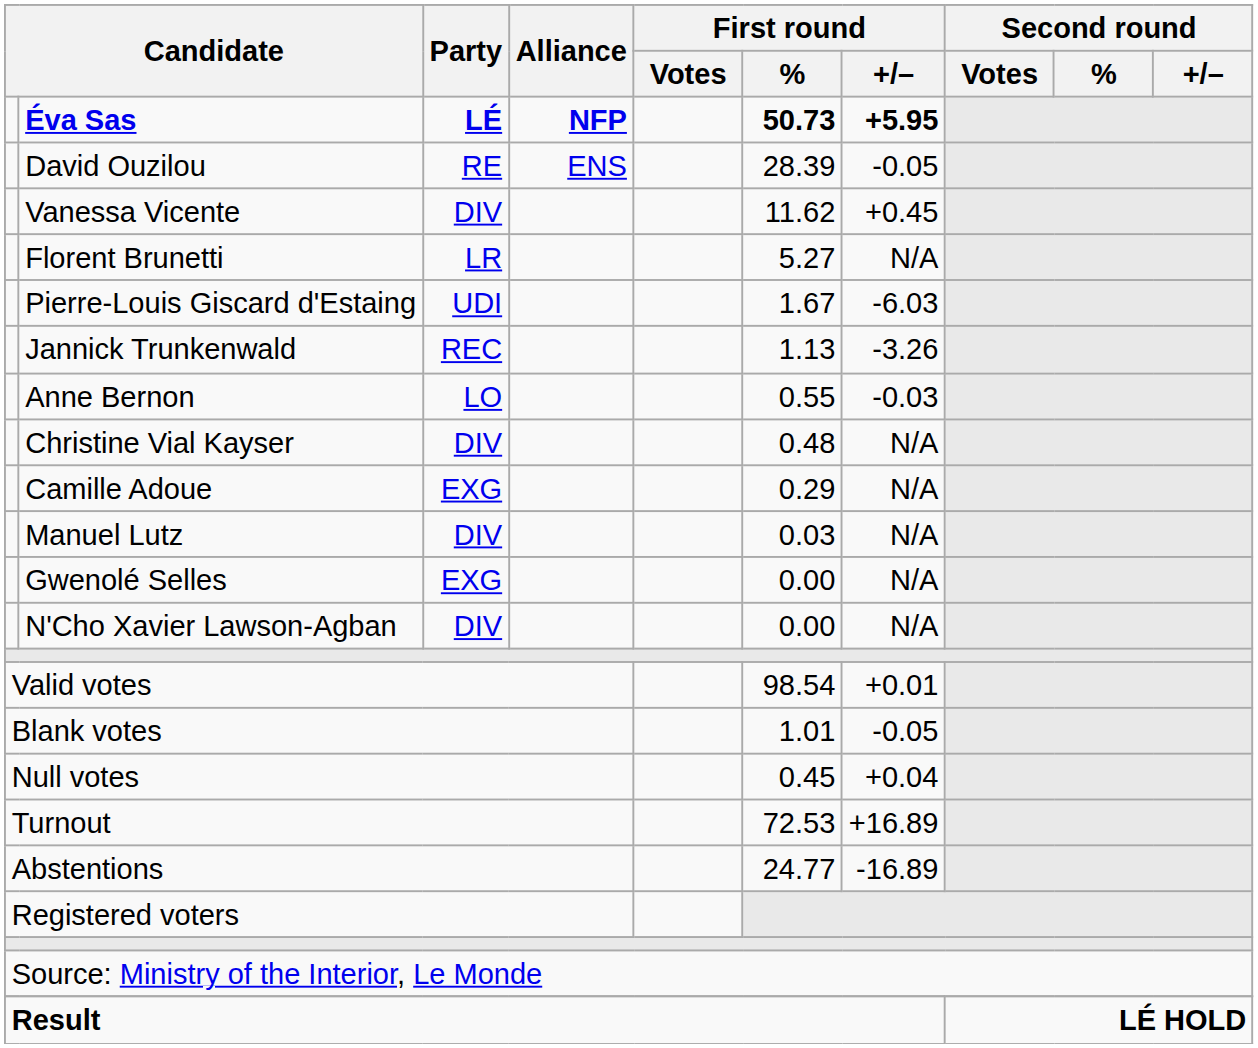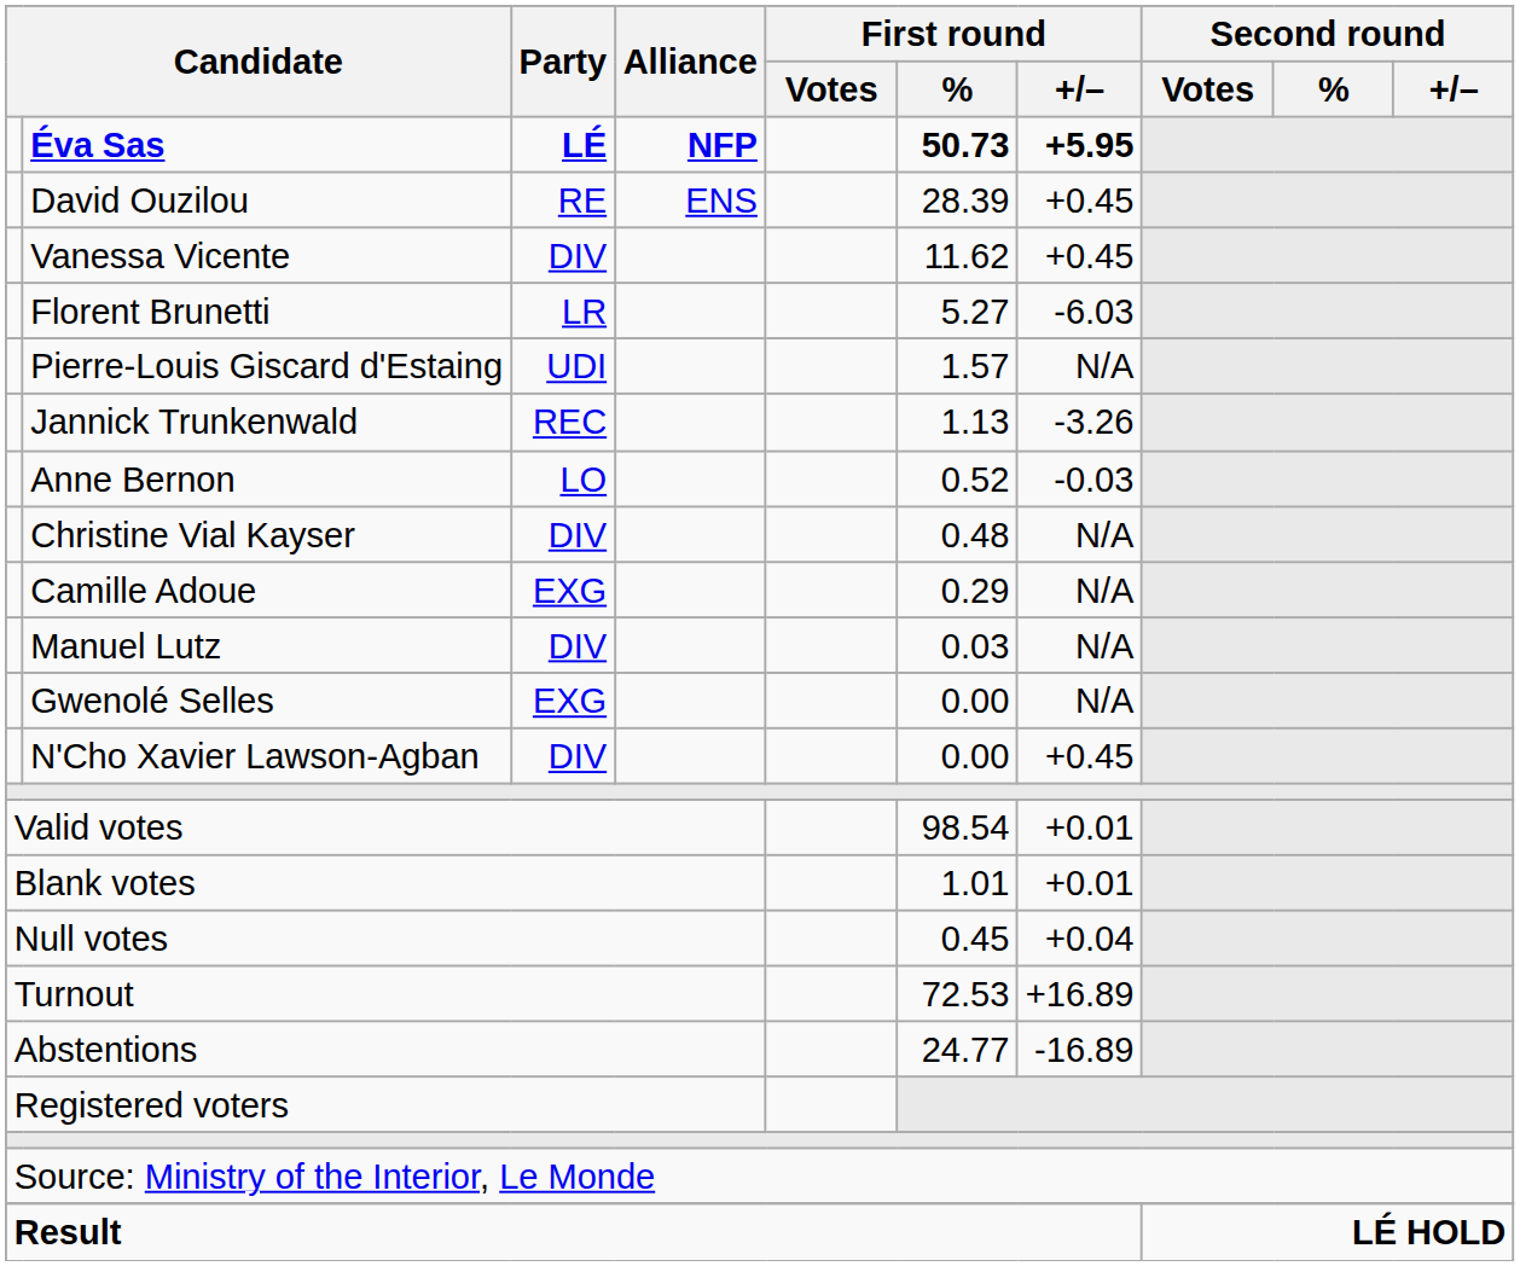 <table class="wikitable" style="text-align:right;font-size:95%;">
 <tr>
 <th rowspan="2" colspan="2">Candidate</th>
 <th rowspan="2">Party</th>
 <th rowspan="2">Alliance</th>
 <th colspan="3">First round</th>
 <th colspan="3">Second round</th>
 </tr>
 <tr>
 <th style="width:50px;">Votes</th>
 <th style="width:45px;">%</th>
 <th style="width:45px;">+/–</th>
 <th style="width:50px;">Votes</th>
 <th style="width:45px;">%</th>
 <th style="width:45px;">+/–</th>
 </tr>
 <tr>
 <td style="color:inherit;background:"></td>
 <td style="text-align:left;"><strong><a href='#'>Éva Sas</a></strong></td>
 <td><a href='#'><strong>LÉ</strong></a></td>
 <td><a href='#'><strong>NFP</strong></a></td>
 <td><strong></strong></td>
 <td><strong>50.73</strong></td>
 <td><strong>+5.95</strong></td>
 <td colspan="3" style="background:#E9E9E9;"></td>
 </tr>
 <tr>
 <td style="color:inherit;background:"></td>
 <td style="text-align:left;">David Ouzilou</td>
 <td><a href='#'>RE</a></td>
 <td><a href='#'>ENS</a></td>
 <td></td>
 <td>28.39</td>
-<td>-0.05</td>
+<td>+0.45</td>
 <td colspan="3" style="background:#E9E9E9;"></td>
 </tr>
 <tr>
 <td style="color:inherit;background:"></td>
 <td style="text-align:left;">Vanessa Vicente</td>
 <td><a href='#'>DIV</a></td>
 <td></td>
 <td></td>
 <td>11.62</td>
 <td>+0.45</td>
 <td colspan="3" style="background:#E9E9E9;"></td>
 </tr>
 <tr>
 <td style="color:inherit;background:"></td>
 <td style="text-align:left;">Florent Brunetti</td>
 <td><a href='#'>LR</a></td>
 <td></td>
 <td></td>
 <td>5.27</td>
-<td>N/A</td>
+<td>-6.03</td>
 <td colspan="3" style="background:#E9E9E9;"></td>
 </tr>
 <tr>
 <td style="color:inherit;background:"></td>
 <td style="text-align:left;">Pierre-Louis Giscard d'Estaing</td>
 <td><a href='#'>UDI</a></td>
 <td></td>
 <td></td>
-<td>1.67</td>
-<td>-6.03</td>
+<td>1.57</td>
+<td>N/A</td>
 <td colspan="3" style="background:#E9E9E9;"></td>
 </tr>
 <tr>
 <td style="color:inherit;background:"></td>
 <td style="text-align:left;">Jannick Trunkenwald</td>
 <td><a href='#'>REC</a></td>
 <td></td>
 <td></td>
 <td>1.13</td>
 <td>-3.26</td>
 <td colspan="3" style="background:#E9E9E9;"></td>
 </tr>
 <tr>
 <td style="color:inherit;background:"></td>
 <td style="text-align:left;">Anne Bernon</td>
 <td><a href='#'>LO</a></td>
 <td></td>
 <td></td>
-<td>0.55</td>
+<td>0.52</td>
 <td>-0.03</td>
 <td colspan="3" style="background:#E9E9E9;"></td>
 </tr>
 <tr>
 <td style="color:inherit;background:"></td>
 <td style="text-align:left;">Christine Vial Kayser</td>
 <td><a href='#'>DIV</a></td>
 <td></td>
 <td></td>
 <td>0.48</td>
 <td>N/A</td>
 <td colspan="3" style="background:#E9E9E9;"></td>
 </tr>
 <tr>
 <td style="color:inherit;background:"></td>
 <td style="text-align:left;">Camille Adoue</td>
 <td><a href='#'>EXG</a></td>
 <td></td>
 <td></td>
 <td>0.29</td>
 <td>N/A</td>
 <td colspan="3" style="background:#E9E9E9;"></td>
 </tr>
 <tr>
 <td style="color:inherit;background:"></td>
 <td style="text-align:left;">Manuel Lutz</td>
 <td><a href='#'>DIV</a></td>
 <td></td>
 <td></td>
 <td>0.03</td>
 <td>N/A</td>
 <td colspan="3" style="background:#E9E9E9;"></td>
 </tr>
 <tr>
 <td style="color:inherit;background:"></td>
 <td style="text-align:left;">Gwenolé Selles</td>
 <td><a href='#'>EXG</a></td>
 <td></td>
 <td></td>
 <td>0.00</td>
 <td>N/A</td>
 <td colspan="3" style="background:#E9E9E9;"></td>
 </tr>
 <tr>
 <td style="color:inherit;background:"></td>
 <td style="text-align:left;">N'Cho Xavier Lawson-Agban</td>
 <td><a href='#'>DIV</a></td>
 <td></td>
 <td></td>
 <td>0.00</td>
-<td>N/A</td>
+<td>+0.45</td>
 <td colspan="3" style="background:#E9E9E9;"></td>
 </tr>
 <tr>
 <td colspan="10" style="background:#E9E9E9;"></td>
 </tr>
 <tr>
 <td colspan="4" style="text-align:left;">Valid votes</td>
 <td></td>
 <td>98.54</td>
 <td>+0.01</td>
 <td colspan="3" style="background:#E9E9E9;"></td>
 </tr>
 <tr>
 <td colspan="4" style="text-align:left;">Blank votes</td>
 <td></td>
 <td>1.01</td>
-<td>-0.05</td>
+<td>+0.01</td>
 <td colspan="3" style="background:#E9E9E9;"></td>
 </tr>
 <tr>
 <td colspan="4" style="text-align:left;">Null votes</td>
 <td></td>
 <td>0.45</td>
 <td>+0.04</td>
 <td colspan="3" style="background:#E9E9E9;"></td>
 </tr>
 <tr>
 <td colspan="4" style="text-align:left;">Turnout</td>
 <td></td>
 <td>72.53</td>
 <td>+16.89</td>
 <td colspan="3" style="background:#E9E9E9;"></td>
 </tr>
 <tr>
 <td colspan="4" style="text-align:left;">Abstentions</td>
 <td></td>
 <td>24.77</td>
 <td>-16.89</td>
 <td colspan="3" style="background:#E9E9E9;"></td>
 </tr>
 <tr>
 <td colspan="4" style="text-align:left;">Registered voters</td>
 <td></td>
 <td colspan="5" style="background:#E9E9E9;"></td>
 </tr>
 <tr>
 <td colspan="10" style="background:#E9E9E9;"></td>
 </tr>
 <tr>
 <td colspan="10" style="text-align:left;">Source: <a href='#'>Ministry of the Interior</a>, <a href='#'>Le Monde</a></td>
 </tr>
 <tr>
 </tr>
 <tr style="font-weight:bold">
 <td colspan="7" style="text-align:left;">Result</td>
 <td colspan="7" style="background-color:">LÉ HOLD</td>
 </tr>
 </table>
